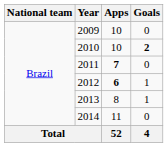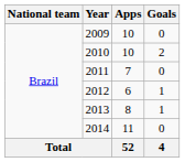 <table class="wikitable" style="text-align:center">
 <tr>
 <th>National team</th>
 <th>Year</th>
 <th>Apps</th>
 <th>Goals</th>
 </tr>
 <tr>
 <td rowspan="6"><a href='#'>Brazil</a></td>
 <td>2009</td>
 <td>10</td>
 <td>0</td>
 </tr>
 <tr>
 <td>2010</td>
 <td>10</td>
-<td><strong>2</strong></td>
+<td>2</td>
 </tr>
 <tr>
 <td>2011</td>
-<td><strong>7</strong></td>
+<td>7</td>
 <td>0</td>
 </tr>
 <tr>
 <td>2012</td>
-<td><strong>6</strong></td>
+<td>6</td>
 <td>1</td>
 </tr>
 <tr>
 <td>2013</td>
 <td>8</td>
 <td>1</td>
 </tr>
 <tr>
 <td>2014</td>
 <td>11</td>
 <td>0</td>
 </tr>
 <tr>
 <th colspan="2">Total</th>
 <th>52</th>
 <th>4</th>
 </tr>
 </table>
